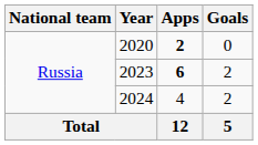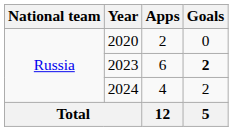 <table class=wikitable style=text-align:center>
 <tr>
 <th>National team</th>
 <th>Year</th>
 <th>Apps</th>
 <th>Goals</th>
 </tr>
 <tr>
 <td rowspan="3"><a href='#'>Russia</a></td>
 <td>2020</td>
-<td><strong>2</strong></td>
+<td>2</td>
 <td>0</td>
 </tr>
 <tr>
 <td>2023</td>
-<td><strong>6</strong></td>
-<td>2</td>
+<td>6</td>
+<td><strong>2</strong></td>
 </tr>
 <tr>
 <td>2024</td>
 <td>4</td>
 <td>2</td>
 </tr>
 <tr>
 <th colspan=2>Total</th>
 <th>12</th>
 <th>5</th>
 </tr>
 </table>
